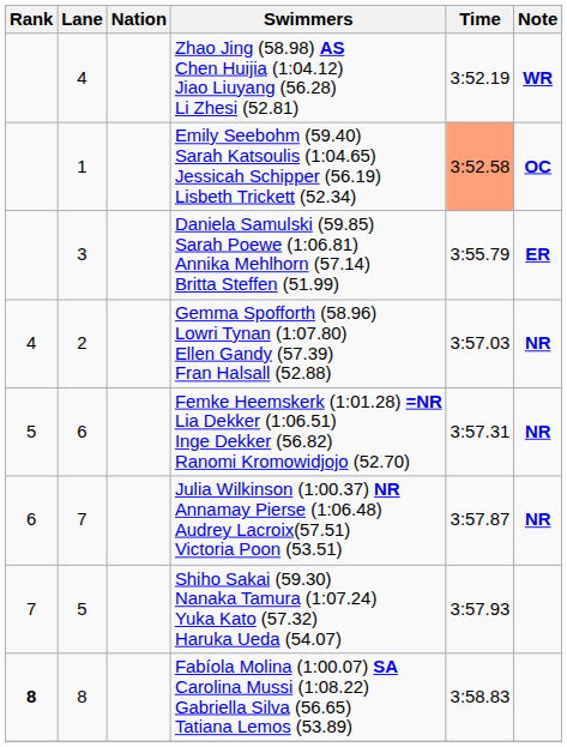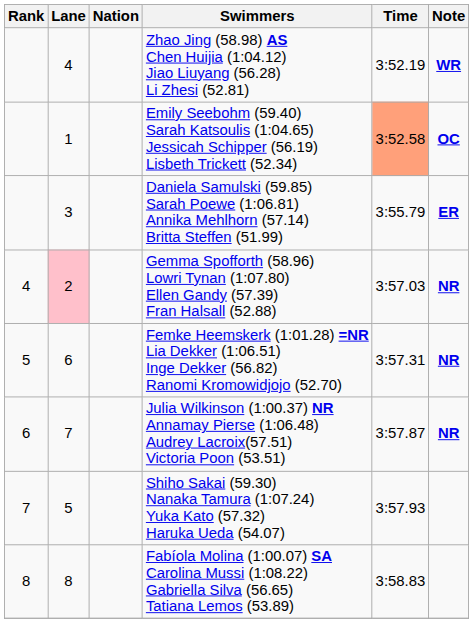 <table class="wikitable sortable" style="text-align:center">
 <tr>
 <th>Rank</th>
 <th>Lane</th>
 <th>Nation</th>
 <th>Swimmers</th>
 <th>Time</th>
 <th>Note</th>
 </tr>
 <tr>
 <td></td>
 <td>4</td>
 <td align=left></td>
 <td align=left><a href='#'>Zhao Jing</a> (58.98) <strong><a href='#'>AS</a></strong><br> <a href='#'>Chen Huijia</a> (1:04.12)<br> <a href='#'>Jiao Liuyang</a> (56.28)<br> <a href='#'>Li Zhesi</a> (52.81)</td>
 <td>3:52.19</td>
 <td><strong><a href='#'>WR</a></strong></td>
 </tr>
 <tr>
 <td></td>
 <td>1</td>
 <td align=left></td>
 <td align=left><a href='#'>Emily Seebohm</a> (59.40)<br> <a href='#'>Sarah Katsoulis</a> (1:04.65)<br> <a href='#'>Jessicah Schipper</a>  (56.19)<br> <a href='#'>Lisbeth Trickett</a> (52.34)</td>
 <td style="background: lightsalmon;">3:52.58</td>
 <td><strong> <a href='#'>OC</a></strong></td>
 </tr>
 <tr>
 <td></td>
 <td>3</td>
 <td align=left></td>
 <td align=left><a href='#'>Daniela Samulski</a> (59.85)<br> <a href='#'>Sarah Poewe</a> (1:06.81)<br> <a href='#'>Annika Mehlhorn</a> (57.14)<br> <a href='#'>Britta Steffen</a> (51.99)</td>
 <td>3:55.79</td>
 <td><strong><a href='#'>ER</a></strong></td>
 </tr>
 <tr>
 <td>4</td>
-<td>2</td>
+<td style="background: pink;">2</td>
 <td align=left></td>
 <td align=left><a href='#'>Gemma Spofforth</a> (58.96) <br> <a href='#'>Lowri Tynan</a> (1:07.80)<br> <a href='#'>Ellen Gandy</a> (57.39)<br> <a href='#'>Fran Halsall</a> (52.88)</td>
 <td>3:57.03</td>
 <td><strong><a href='#'>NR</a></strong></td>
 </tr>
 <tr>
 <td>5</td>
 <td>6</td>
 <td align=left></td>
 <td align=left><a href='#'>Femke Heemskerk</a> (1:01.28) <strong><a href='#'>=NR</a></strong><br> <a href='#'>Lia Dekker</a> (1:06.51)<br> <a href='#'>Inge Dekker</a>  (56.82)<br> <a href='#'>Ranomi Kromowidjojo</a> (52.70)</td>
 <td>3:57.31</td>
 <td><strong><a href='#'>NR</a></strong></td>
 </tr>
 <tr>
 <td>6</td>
 <td>7</td>
 <td align=left></td>
 <td align=left><a href='#'>Julia Wilkinson</a> (1:00.37) <strong><a href='#'>NR</a></strong><br> <a href='#'>Annamay Pierse</a> (1:06.48)<br> <a href='#'>Audrey Lacroix</a>(57.51)<br> <a href='#'>Victoria Poon</a> (53.51)</td>
 <td>3:57.87</td>
 <td><strong><a href='#'>NR</a></strong></td>
 </tr>
 <tr>
 <td>7</td>
 <td>5</td>
 <td align=left></td>
 <td align=left><a href='#'>Shiho Sakai</a> (59.30)<br> <a href='#'>Nanaka Tamura</a> (1:07.24)<br> <a href='#'>Yuka Kato</a> (57.32)<br> <a href='#'>Haruka Ueda</a> (54.07)</td>
 <td>3:57.93</td>
 <td></td>
 </tr>
 <tr>
-<td><strong>8</strong></td>
+<td>8</td>
 <td>8</td>
 <td align=left></td>
 <td align=left><a href='#'>Fabíola Molina</a> (1:00.07) <strong><a href='#'>SA</a></strong><br> <a href='#'>Carolina Mussi</a> (1:08.22)<br> <a href='#'>Gabriella Silva</a> (56.65)<br> <a href='#'>Tatiana Lemos</a> (53.89)</td>
 <td>3:58.83</td>
 <td></td>
 </tr>
 <tr>
 </tr>
 </table>
